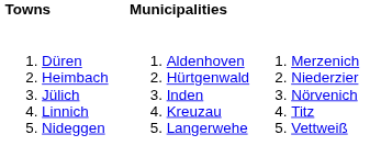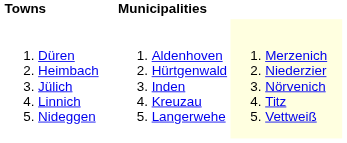 <table>
 <tr>
 <th align=left>Towns</th>
 <th colspan=2 align=left>Municipalities</th>
 </tr>
 <tr valign=top>
 <td width=33%><br><ol><li> <a href='#'>Düren</a></li><li> <a href='#'>Heimbach</a></li><li> <a href='#'>Jülich</a></li><li> <a href='#'>Linnich</a></li><li> <a href='#'>Nideggen</a></li></ol></td>
 <td width=33%><br><ol><li> <a href='#'>Aldenhoven</a></li><li> <a href='#'>Hürtgenwald</a></li><li> <a href='#'>Inden</a></li><li> <a href='#'>Kreuzau</a></li><li> <a href='#'>Langerwehe</a></li></ol></td>
-<td width=33%><br><ol> <li> <a href='#'>Merzenich</a> <li> <a href='#'>Niederzier</a> <li> <a href='#'>Nörvenich</a> <li> <a href='#'>Titz</a> <li> <a href='#'>Vettweiß</a> </ol></td>
+<td width=33% style="background: lightyellow;"><br><ol> <li> <a href='#'>Merzenich</a> <li> <a href='#'>Niederzier</a> <li> <a href='#'>Nörvenich</a> <li> <a href='#'>Titz</a> <li> <a href='#'>Vettweiß</a> </ol></td>
 </tr>
 </table>
